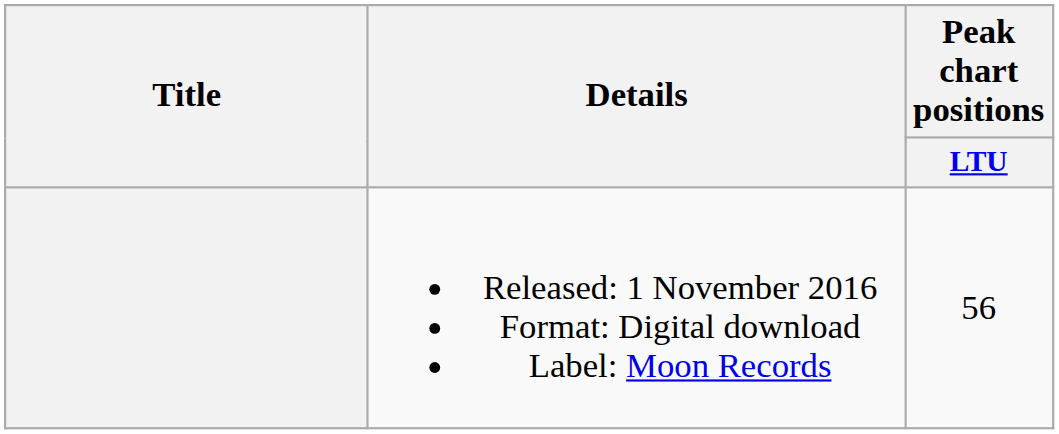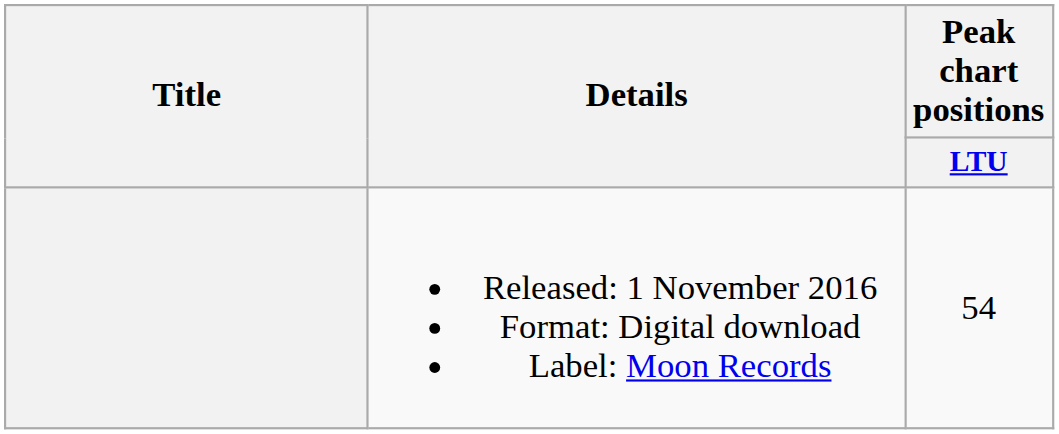 <table class="wikitable plainrowheaders" style="text-align:center">
 <tr>
 <th scope="col" rowspan="2" style="width:10em;">Title</th>
 <th scope="col" rowspan="2" style="width:15em;">Details</th>
 <th scope="col" colspan="1">Peak chart positions</th>
 </tr>
 <tr>
 <th scope="col" style="width:3em;font-size:85%;"><a href='#'>LTU</a><br></th>
 </tr>
 <tr>
 <th scope="row"><em></em></th>
 <td><br><ul><li>Released: 1 November 2016</li><li>Format: Digital download</li><li>Label: <a href='#'>Moon Records</a></li></ul></td>
-<td>56</td>
+<td>54</td>
 </tr>
 </table>
